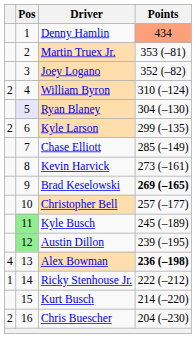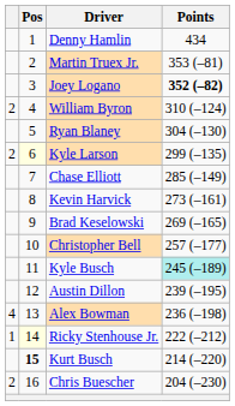 <table class="wikitable" style="font-size: 95%">
 <tr>
 <th></th>
 <th>Pos</th>
 <th>Driver</th>
 <th>Points</th>
 </tr>
 <tr>
 <td align="left"></td>
 <td style="text-align:center;">1</td>
 <td><a href='#'>Denny Hamlin</a></td>
-<td style="background: lightsalmon; text-align:center;">434</td>
+<td style="text-align:center;">434</td>
 </tr>
 <tr>
 <td align="left"></td>
 <td style="text-align:center;">2</td>
 <td style="background:#FFDEAD;"><a href='#'>Martin Truex Jr.</a></td>
 <td style="text-align:center;">353 (–81)</td>
 </tr>
 <tr>
 <td align="left"></td>
 <td style="text-align:center;">3</td>
 <td style="background:#FFDEAD;"><a href='#'>Joey Logano</a></td>
-<td style="text-align:center;">352 (–82)</td>
+<td style="text-align:center;"><strong>352 (–82)</strong></td>
 </tr>
 <tr>
 <td align="left"> 2</td>
 <td style="text-align:center;">4</td>
 <td style="background:#FFDEAD;"><a href='#'>William Byron</a></td>
 <td style="text-align:center;">310 (–124)</td>
 </tr>
 <tr>
 <td align="left"></td>
-<td style="background: lavender; text-align:center;">5</td>
+<td style="text-align:center;">5</td>
 <td style="background:#FFDEAD;"><a href='#'>Ryan Blaney</a></td>
 <td style="text-align:center;">304 (–130)</td>
 </tr>
 <tr>
 <td align="left"> 2</td>
-<td style="text-align:center;">6</td>
+<td style="background: lightyellow; text-align:center;">6</td>
 <td style="background:#FFDEAD;"><a href='#'>Kyle Larson</a></td>
 <td style="text-align:center;">299 (–135)</td>
 </tr>
 <tr>
 <td align="left"></td>
 <td style="text-align:center;">7</td>
 <td><a href='#'>Chase Elliott</a></td>
 <td style="text-align:center;">285 (–149)</td>
 </tr>
 <tr>
 <td align="left"></td>
 <td style="text-align:center;">8</td>
 <td><a href='#'>Kevin Harvick</a></td>
 <td style="text-align:center;">273 (–161)</td>
 </tr>
 <tr>
 <td align="left"></td>
 <td style="text-align:center;">9</td>
 <td><a href='#'>Brad Keselowski</a></td>
-<td style="text-align:center;"><strong>269 (–165)</strong></td>
+<td style="text-align:center;">269 (–165)</td>
 </tr>
 <tr>
 <td align="left"></td>
 <td style="text-align:center;">10</td>
 <td style="background:#FFDEAD;"><a href='#'>Christopher Bell</a></td>
 <td style="text-align:center;">257 (–177)</td>
 </tr>
 <tr>
 <td align="left"></td>
-<td style="background: lightgreen; text-align:center;">11</td>
+<td style="text-align:center;">11</td>
 <td><a href='#'>Kyle Busch</a></td>
-<td style="text-align:center;">245 (–189)</td>
+<td style="background: paleturquoise; text-align:center;">245 (–189)</td>
 </tr>
 <tr>
 <td align="left"></td>
-<td style="background: lightgreen; text-align:center;">12</td>
+<td style="text-align:center;">12</td>
 <td><a href='#'>Austin Dillon</a></td>
 <td style="text-align:center;">239 (–195)</td>
 </tr>
 <tr>
 <td align="left"> 4</td>
 <td style="text-align:center;">13</td>
 <td style="background:#FFDEAD;"><a href='#'>Alex Bowman</a></td>
-<td style="text-align:center;"><strong>236 (–198)</strong></td>
+<td style="text-align:center;">236 (–198)</td>
 </tr>
 <tr>
 <td align="left"> 1</td>
-<td style="text-align:center;">14</td>
+<td style="background: lightyellow; text-align:center;">14</td>
 <td><a href='#'>Ricky Stenhouse Jr.</a></td>
 <td style="text-align:center;">222 (–212)</td>
 </tr>
 <tr>
 <td align="left"></td>
-<td style="text-align:center;">15</td>
+<td style="text-align:center;"><strong>15</strong></td>
 <td><a href='#'>Kurt Busch</a></td>
 <td style="text-align:center;">214 (–220)</td>
 </tr>
 <tr>
 <td align="left"> 2</td>
 <td style="text-align:center;">16</td>
 <td><a href='#'>Chris Buescher</a></td>
 <td style="text-align:center;">204 (–230)</td>
 </tr>
 <tr class="sortbottom">
 <th colspan="9"></th>
 </tr>
 </table>
